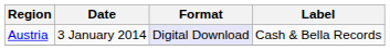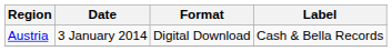 <table class=wikitable>
 <tr>
 <th>Region</th>
 <th>Date</th>
 <th>Format</th>
 <th>Label</th>
 </tr>
 <tr>
 <td><a href='#'>Austria</a></td>
 <td>3 January 2014</td>
-<td style="background: lavender;">Digital Download</td>
+<td>Digital Download</td>
 <td>Cash & Bella Records</td>
 </tr>
 <tr>
 </tr>
 </table>
